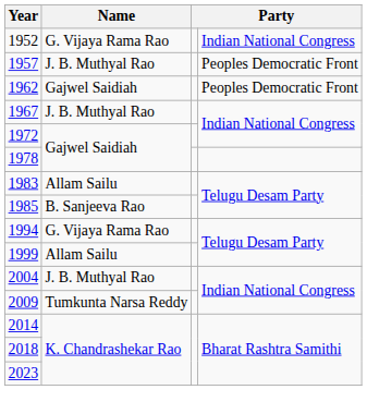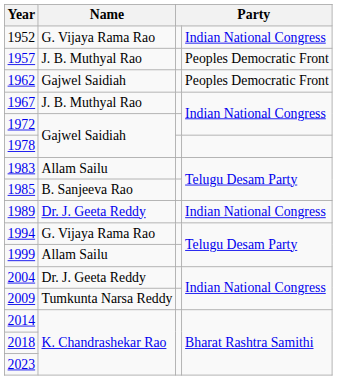 <table class="wikitable">
 <tr>
 <th>Year</th>
 <th>Name</th>
 <th colspan="2">Party</th>
 </tr>
 <tr>
 <td>1952</td>
 <td>G. Vijaya Rama Rao</td>
 <td style="background-color: "></td>
 <td><a href='#'>Indian National Congress</a></td>
 </tr>
 <tr>
 <td><a href='#'>1957</a></td>
 <td>J. B. Muthyal Rao</td>
 <td style="background-color: "></td>
 <td>Peoples Democratic Front</td>
 </tr>
 <tr>
 <td><a href='#'>1962</a></td>
 <td>Gajwel Saidiah</td>
 <td style="background-color: "></td>
 <td>Peoples Democratic Front</td>
 </tr>
 <tr>
 <td><a href='#'>1967</a></td>
 <td>J. B. Muthyal Rao</td>
 <td style="background-color: "></td>
 <td rowspan="2"><a href='#'>Indian National Congress</a></td>
 </tr>
 <tr>
 <td><a href='#'>1972</a></td>
 <td rowspan="2">Gajwel Saidiah</td>
 </tr>
 <tr>
 <td><a href='#'>1978</a></td>
 <td></td>
 </tr>
 <tr>
 <td><a href='#'>1983</a></td>
 <td>Allam Sailu</td>
 <td style="background-color: "></td>
 <td rowspan="2"><a href='#'>Telugu Desam Party</a></td>
 </tr>
 <tr>
 <td><a href='#'>1985</a></td>
 <td>B. Sanjeeva Rao</td>
 </tr>
 <tr>
+<td><a href='#'>1989</a></td>
+<td><a href='#'>Dr. J. Geeta Reddy</a></td>
+<td style="background-color: "></td>
+<td><a href='#'>Indian National Congress</a></td>
+</tr>
+<tr>
 <td><a href='#'>1994</a></td>
 <td>G. Vijaya Rama Rao</td>
 <td style="background-color: "></td>
 <td rowspan="2"><a href='#'>Telugu Desam Party</a></td>
 </tr>
 <tr>
 <td><a href='#'>1999</a></td>
 <td>Allam Sailu</td>
 </tr>
 <tr>
 <td><a href='#'>2004</a></td>
-<td>J. B. Muthyal Rao</td>
+<td>Dr. J. Geeta Reddy</td>
 <td style="background-color: "></td>
 <td rowspan="2"><a href='#'>Indian National Congress</a></td>
 </tr>
 <tr>
 <td><a href='#'>2009</a></td>
 <td>Tumkunta Narsa Reddy</td>
 </tr>
 <tr>
 <td><a href='#'>2014</a></td>
 <td rowspan="3"><a href='#'>K. Chandrashekar Rao</a></td>
 <td rowspan="3" bgcolor=></td>
 <td rowspan="3"><a href='#'>Bharat Rashtra Samithi</a></td>
 </tr>
 <tr>
 <td><a href='#'>2018</a></td>
 </tr>
 <tr>
 <td><a href='#'>2023</a></td>
 </tr>
 </table>
